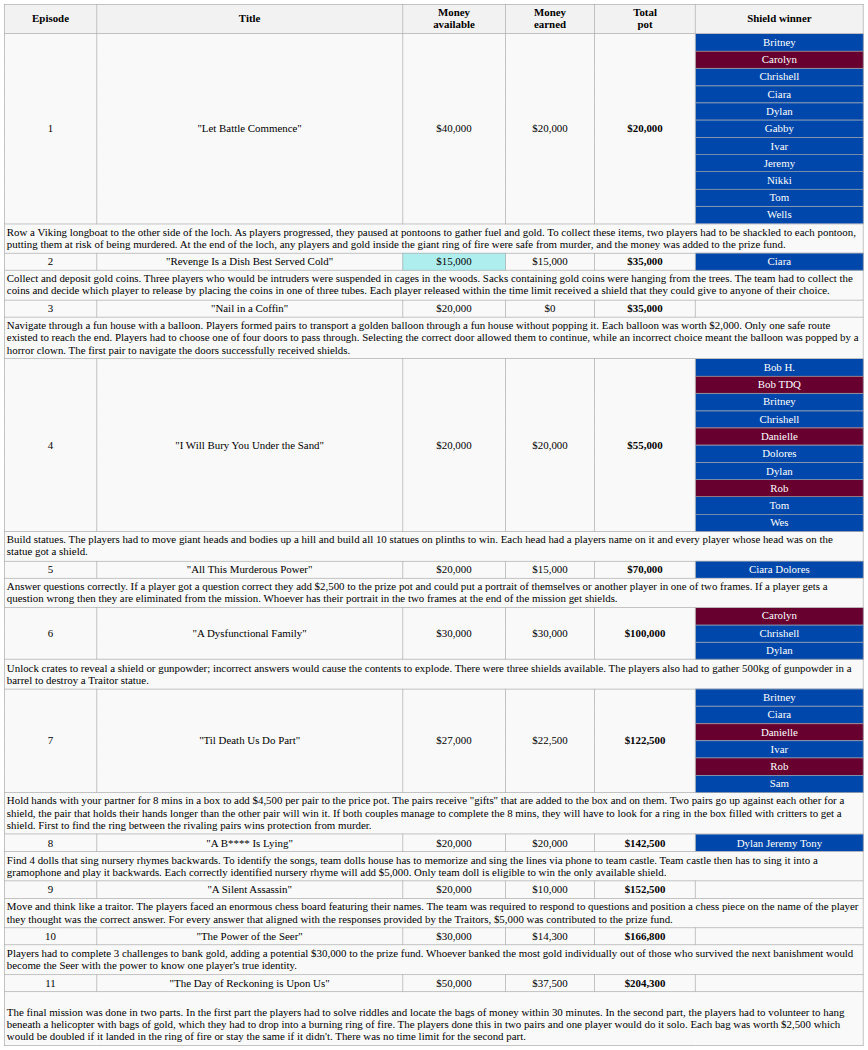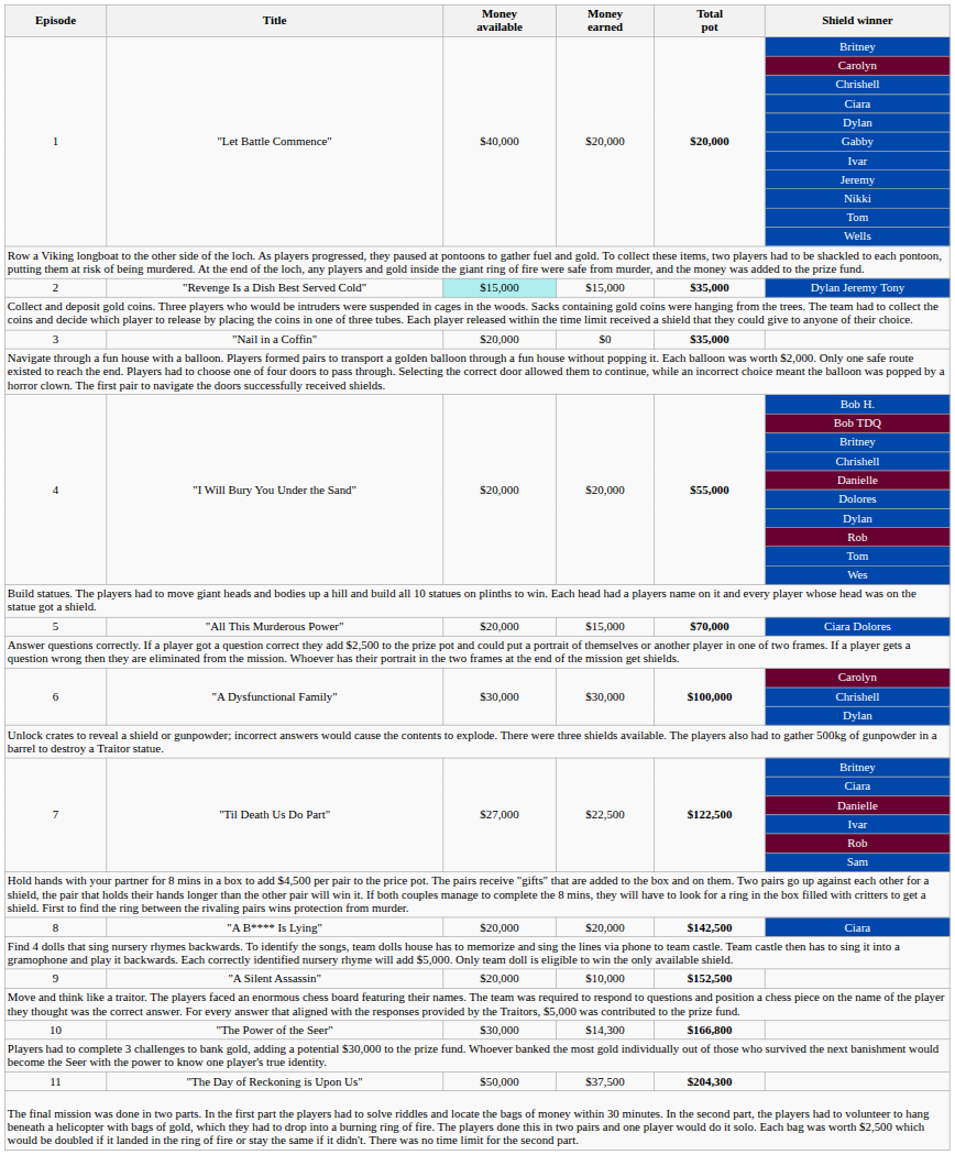 <table class="wikitable" style="margin:auto; text-align:center">
 <tr>
 <th>Episode</th>
 <th>Title</th>
 <th>Money<br>available</th>
 <th>Money<br>earned</th>
 <th>Total<br>pot</th>
 <th>Shield winner</th>
 </tr>
 <tr>
 <td rowspan="11”">1</td>
 <td rowspan="11”">"Let Battle Commence"</td>
 <td rowspan="11”">$40,000</td>
 <td rowspan="11”">$20,000</td>
 <td rowspan="11”"><strong>$20,000</strong></td>
 <td bgcolor="#0047AB" align="center" span style="color:#FFFFFF">Britney</td>
 </tr>
 <tr>
 <td bgcolor="#67002F" align="center" span style="color:#FFFFFF">Carolyn</td>
 </tr>
 <tr>
 <td bgcolor="#0047AB" align="center" span style="color:#FFFFFF">Chrishell</td>
 </tr>
 <tr>
 <td bgcolor="#0047AB" align="center" span style="color:#FFFFFF">Ciara</td>
 </tr>
 <tr>
 <td bgcolor="#0047AB" align="center" span style="color:#FFFFFF">Dylan</td>
 </tr>
 <tr>
 <td bgcolor="#0047AB" align="center" span style="color:#FFFFFF">Gabby</td>
 </tr>
 <tr>
 <td bgcolor="#0047AB" align="center" span style="color:#FFFFFF">Ivar</td>
 </tr>
 <tr>
 <td bgcolor="#0047AB" align="center" span style="color:#FFFFFF">Jeremy</td>
 </tr>
 <tr>
 <td bgcolor="#0047AB" align="center" span style="color:#FFFFFF">Nikki</td>
 </tr>
 <tr>
 <td bgcolor="#0047AB" align="center" span style="color:#FFFFFF">Tom</td>
 </tr>
 <tr>
 <td bgcolor="#0047AB" align="center" span style="color:#FFFFFF">Wells</td>
 </tr>
 <tr>
 <td colspan="6" align="left">Row a Viking longboat to the other side of the loch. As players progressed, they paused at pontoons to gather fuel and gold. To collect these items, two players had to be shackled to each pontoon, putting them at risk of being murdered. At the end of the loch, any players and gold inside the giant ring of fire were safe from murder, and the money was added to the prize fund.</td>
 </tr>
 <tr>
 <td>2</td>
 <td>"Revenge Is a Dish Best Served Cold"</td>
 <td style="background: paleturquoise;">$15,000</td>
 <td>$15,000</td>
 <td><strong>$35,000</strong></td>
-<td bgcolor="#0047AB" align="center" span style="color:#FFFFFF;">Ciara</td>
+<td bgcolor="#0047AB" align="center" span style="color:#FFFFFF;">Dylan  Jeremy  Tony</td>
 </tr>
 <tr>
 <td colspan="6" align="left">Collect and deposit gold coins. Three players who would be intruders were suspended in cages in the woods. Sacks containing gold coins were hanging from the trees. The team had to collect the coins and decide which player to release by placing the coins in one of three tubes. Each player released within the time limit received a shield that they could give to anyone of their choice.</td>
 </tr>
 <tr>
 <td>3</td>
 <td>"Nail in a Coffin"</td>
 <td>$20,000</td>
 <td>$0</td>
 <td><strong>$35,000</strong></td>
 <td></td>
 </tr>
 <tr>
 <td colspan="6" align="left">Navigate through a fun house with a balloon. Players formed pairs to transport a golden balloon through a fun house without popping it. Each balloon was worth $2,000. Only one safe route existed to reach the end. Players had to choose one of four doors to pass through. Selecting the correct door allowed them to continue, while an incorrect choice meant the balloon was popped by a horror clown. The first pair to navigate the doors successfully received shields.</td>
 </tr>
 <tr>
 <td rowspan="10”">4</td>
 <td rowspan="10”">"I Will Bury You Under the Sand"</td>
 <td rowspan="10”">$20,000</td>
 <td rowspan="10”">$20,000</td>
 <td rowspan="10”"><strong>$55,000</strong></td>
 <td bgcolor="#0047AB" align="center" span style="color:#FFFFFF">Bob H.</td>
 </tr>
 <tr>
 <td bgcolor="#67002F" align="center" span style="color:#FFFFFF">Bob TDQ</td>
 </tr>
 <tr>
 <td bgcolor="#0047AB" align="center" span style="color:#FFFFFF">Britney</td>
 </tr>
 <tr>
 <td bgcolor="#0047AB" align="center" span style="color:#FFFFFF">Chrishell</td>
 </tr>
 <tr>
 <td bgcolor="#67002F" align="center" span style="color:#FFFFFF">Danielle</td>
 </tr>
 <tr>
 <td bgcolor="#0047AB" align="center" span style="color:#FFFFFF">Dolores</td>
 </tr>
 <tr>
 <td bgcolor="#0047AB" align="center" span style="color:#FFFFFF">Dylan</td>
 </tr>
 <tr>
 <td bgcolor="#67002F" align="center" span style="color:#FFFFFF">Rob</td>
 </tr>
 <tr>
 <td bgcolor="#0047AB" align="center" span style="color:#FFFFFF">Tom</td>
 </tr>
 <tr>
 <td bgcolor="#0047AB" align="center" span style="color:#FFFFFF">Wes</td>
 </tr>
 <tr>
 <td colspan="6" align="left">Build statues. The players had to move giant heads and bodies up a hill and build all 10 statues on plinths to win. Each head had a players name on it and every player whose head was on the statue got a shield.</td>
 </tr>
 <tr>
 <td>5</td>
 <td>"All This Murderous Power"</td>
 <td>$20,000</td>
 <td>$15,000</td>
 <td><strong>$70,000</strong></td>
 <td bgcolor="#0047AB" align="center" span style="color:#FFFFFF;">Ciara  Dolores</td>
 </tr>
 <tr>
 <td colspan="6" align="left">Answer questions correctly. If a player got a question correct they add $2,500 to the prize pot and could put a portrait of themselves or another player in one of two frames. If a player gets a question wrong then they are eliminated from the mission. Whoever has their portrait in the two frames at the end of the mission get shields.</td>
 </tr>
 <tr>
 <td rowspan="3”">6</td>
 <td rowspan="3”">"A Dysfunctional Family"</td>
 <td rowspan="3”">$30,000</td>
 <td rowspan="3”">$30,000</td>
 <td rowspan="3”"><strong>$100,000</strong></td>
 <td bgcolor="#67002F" align="center" span style="color:#FFFFFF">Carolyn</td>
 </tr>
 <tr>
 <td bgcolor="#0047AB" align="center" span style="color:#FFFFFF">Chrishell</td>
 </tr>
 <tr>
 <td bgcolor="#0047AB" align="center" span style="color:#FFFFFF">Dylan</td>
 </tr>
 <tr>
 <td colspan="6" align="left">Unlock crates to reveal a shield or gunpowder; incorrect answers would cause the contents to explode. There were three shields available. The players also had to gather 500kg of gunpowder in a barrel to destroy a Traitor statue.</td>
 </tr>
 <tr>
 <td rowspan="6”">7</td>
 <td rowspan="6”">"Til Death Us Do Part"</td>
 <td rowspan="6”">$27,000</td>
 <td rowspan="6”">$22,500</td>
 <td rowspan="6”"><strong>$122,500</strong></td>
 <td bgcolor="#0047AB" align="center" span style="color:#FFFFFF">Britney</td>
 </tr>
 <tr>
 <td bgcolor="#0047AB" align="center" span style="color:#FFFFFF">Ciara</td>
 </tr>
 <tr>
 <td bgcolor="#67002F" align="center" span style="color:#FFFFFF">Danielle</td>
 </tr>
 <tr>
 <td bgcolor="#0047AB" align="center" span style="color:#FFFFFF">Ivar</td>
 </tr>
 <tr>
 <td bgcolor="#67002F" align="center" span style="color:#FFFFFF">Rob</td>
 </tr>
 <tr>
 <td bgcolor="#0047AB" align="center" span style="color:#FFFFFF">Sam</td>
 </tr>
 <tr>
 <td colspan="6" align="left">Hold hands with your partner for 8 mins in a box to add $4,500 per pair to the price pot. The pairs receive "gifts" that are added to the box and on them. Two pairs go up against each other for a shield, the pair that holds their hands longer than the other pair will win it. If both couples manage to complete the 8 mins, they will have to look for a ring in the box filled with critters to get a shield. First to find the ring between the rivaling pairs wins protection from murder.</td>
 </tr>
 <tr>
 <td>8</td>
 <td>"A B**** Is Lying"</td>
 <td>$20,000</td>
 <td>$20,000</td>
 <td><strong>$142,500</strong></td>
-<td bgcolor="#0047AB" align="center" span style="color:#FFFFFF;">Dylan  Jeremy  Tony</td>
+<td bgcolor="#0047AB" align="center" span style="color:#FFFFFF;">Ciara</td>
 </tr>
 <tr>
 <td colspan="6" align="left">Find 4 dolls that sing nursery rhymes backwards. To identify the songs, team dolls house has to memorize and sing the lines via phone to team castle. Team castle then has to sing it into a gramophone and play it backwards. Each correctly identified nursery rhyme will add $5,000. Only team doll is eligible to win the only available shield.</td>
 </tr>
 <tr>
 <td>9</td>
 <td>"A Silent Assassin"</td>
 <td>$20,000</td>
 <td>$10,000</td>
 <td><strong>$152,500</strong></td>
 <td></td>
 </tr>
 <tr>
 <td colspan="6" align="left">Move and think like a traitor. The players faced an enormous chess board featuring their names. The team was required to respond to questions and position a chess piece on the name of the player they thought was the correct answer. For every answer that aligned with the responses provided by the Traitors, $5,000 was contributed to the prize fund.</td>
 </tr>
 <tr>
 <td>10</td>
 <td>"The Power of the Seer"</td>
 <td>$30,000</td>
 <td>$14,300</td>
 <td><strong>$166,800</strong></td>
 <td></td>
 </tr>
 <tr>
 <td colspan="6" align="left">Players had to complete 3 challenges to bank gold, adding a potential $30,000 to the prize fund. Whoever banked the most gold individually out of those who survived the next banishment would become the Seer with the power to know one player's true identity.</td>
 </tr>
 <tr>
 <td>11</td>
 <td>"The Day of Reckoning is Upon Us"</td>
 <td>$50,000</td>
 <td>$37,500</td>
 <td><strong>$204,300</strong></td>
 <td></td>
 </tr>
 <tr>
 <td colspan="6" align="left"><br>The final mission was done in two parts. In the first part the players had to solve riddles and locate the bags of money within 30 minutes. In the second part, the players had to volunteer to hang beneath a helicopter with bags of gold, which they had to drop into a burning ring of fire. The players done this in two pairs and one player would do it solo. Each bag was worth $2,500 which would be doubled if it landed in the ring of fire or stay the same if it didn't. There was no time limit for the second part.</td>
 </tr>
 </table>
